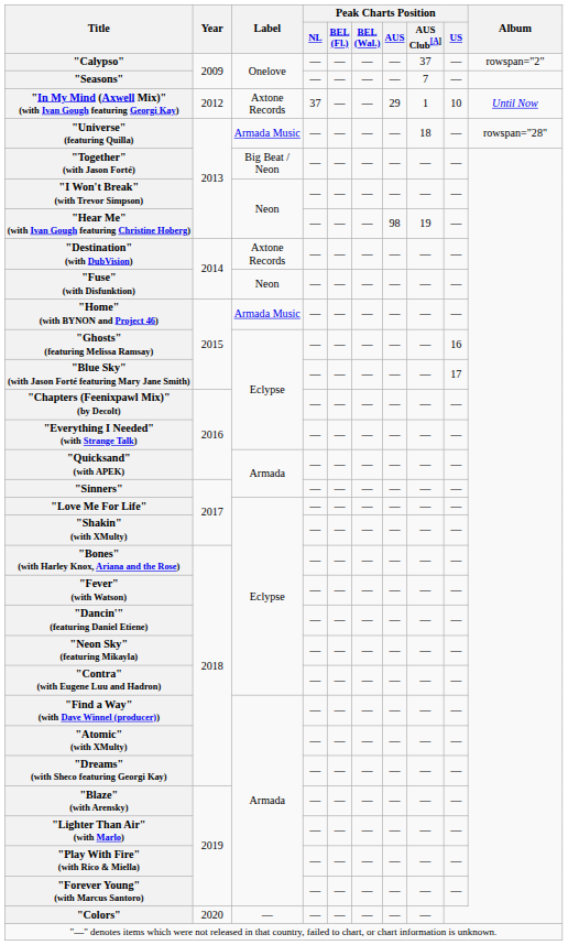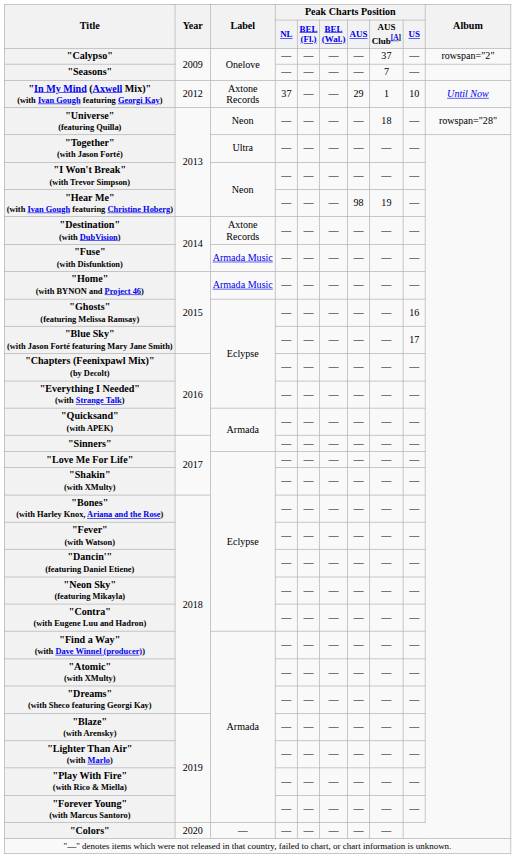 <table class="wikitable plainrowheaders" style="text-align:center;">
 <tr>
 <th scope="col" rowspan="2">Title</th>
 <th scope="col" rowspan="2" style="width:3em;">Year</th>
 <th scope="col" rowspan="2" style="width:6em;">Label</th>
 <th scope="col" colspan="6">Peak Charts Position</th>
 <th scope="col" rowspan="2" style="width:8em;">Album</th>
 </tr>
 <tr>
 <th scope="col" style="width:2em;font-size:89%;"><a href='#'>NL</a></th>
 <th scope="col" style="width:2em;font-size:89%;"><a href='#'>BEL (Fl.)</a></th>
 <th scope="col" style="width:2em;font-size:89%;"><a href='#'>BEL (Wal.)</a></th>
 <th scope="col" style="width:2em;font-size:89%;"><a href='#'>AUS</a></th>
 <th scope="col" style="width:2em;font-size:89%;">AUS<br>Club<sup><a href='#'>[A</a>]</sup></th>
 <th scope="col" style="width:2em;font-size:89%;"><a href='#'>US</a></th>
 </tr>
 <tr>
 <th scope="row">"Calypso"</th>
 <td rowspan="2">2009</td>
 <td rowspan="2">Onelove</td>
 <td>—</td>
 <td>—</td>
 <td>—</td>
 <td>—</td>
 <td>37</td>
 <td>—</td>
 <td>rowspan="2" </td>
 </tr>
 <tr>
 <th scope="row">"Seasons"</th>
 <td>—</td>
 <td>—</td>
 <td>—</td>
 <td>—</td>
 <td>7</td>
 <td>—</td>
 </tr>
 <tr>
 <th scope="row">"<a href='#'>In My Mind</a> (<a href='#'>Axwell</a> Mix)"<br><small>(with <a href='#'>Ivan Gough</a> featuring <a href='#'>Georgi Kay</a>)</small></th>
 <td>2012</td>
 <td>Axtone Records</td>
 <td>37</td>
 <td>—</td>
 <td>—</td>
 <td>29</td>
 <td>1</td>
 <td>10</td>
 <td><em><a href='#'>Until Now</a></em></td>
 </tr>
 <tr>
 <th scope="row">"Universe"<br><small>(featuring Quilla)</small></th>
 <td rowspan="4">2013</td>
-<td><a href='#'>Armada Music</a></td>
+<td>Neon</td>
 <td>—</td>
 <td>—</td>
 <td>—</td>
 <td>—</td>
 <td>18</td>
 <td>—</td>
 <td>rowspan="28" </td>
 </tr>
 <tr>
 <th scope="row">"Together"<br><small>(with Jason Forté)</small></th>
-<td>Big Beat / Neon</td>
+<td>Ultra</td>
 <td>—</td>
 <td>—</td>
 <td>—</td>
 <td>—</td>
 <td>—</td>
 <td>—</td>
 </tr>
 <tr>
 <th scope="row">"I Won't Break"<br><small>(with Trevor Simpson)</small></th>
 <td rowspan="2">Neon</td>
 <td>—</td>
 <td>—</td>
 <td>—</td>
 <td>—</td>
 <td>—</td>
 <td>—</td>
 </tr>
 <tr>
 <th scope="row">"Hear Me"<br><small>(with <a href='#'>Ivan Gough</a> featuring <a href='#'>Christine Hoberg</a>)</small></th>
 <td>—</td>
 <td>—</td>
 <td>—</td>
 <td>98</td>
 <td>19</td>
 <td>—</td>
 </tr>
 <tr>
 <th scope="row">"Destination"<br><small>(with <a href='#'>DubVision</a>)</small></th>
 <td rowspan="2">2014</td>
 <td>Axtone Records</td>
 <td>—</td>
 <td>—</td>
 <td>—</td>
 <td>—</td>
 <td>—</td>
 <td>—</td>
 </tr>
 <tr>
 <th scope="row">"Fuse"<br><small>(with Disfunktion)</small></th>
-<td>Neon</td>
+<td><a href='#'>Armada Music</a></td>
 <td>—</td>
 <td>—</td>
 <td>—</td>
 <td>—</td>
 <td>—</td>
 <td>—</td>
 </tr>
 <tr>
 <th scope="row">"Home"<br><small>(with BYNON and <a href='#'>Project 46</a>)</small></th>
 <td rowspan="3">2015</td>
 <td><a href='#'>Armada Music</a></td>
 <td>—</td>
 <td>—</td>
 <td>—</td>
 <td>—</td>
 <td>—</td>
 <td>—</td>
 </tr>
 <tr>
 <th scope="row">"Ghosts"<br><small>(featuring Melissa Ramsay)</small></th>
 <td rowspan="4">Eclypse</td>
 <td>—</td>
 <td>—</td>
 <td>—</td>
 <td>—</td>
 <td>—</td>
 <td>16</td>
 </tr>
 <tr>
 <th scope="row">"Blue Sky"<br><small>(with Jason Forté featuring Mary Jane Smith)</small></th>
 <td>—</td>
 <td>—</td>
 <td>—</td>
 <td>—</td>
 <td>—</td>
 <td>17</td>
 </tr>
 <tr>
 <th scope="row">"Chapters (Feenixpawl Mix)"<br><small>(by Decolt)</small></th>
 <td rowspan="3">2016</td>
 <td>—</td>
 <td>—</td>
 <td>—</td>
 <td>—</td>
 <td>—</td>
 <td>—</td>
 </tr>
 <tr>
 <th scope="row">"Everything I Needed"<br><small>(with <a href='#'>Strange Talk</a>)</small></th>
 <td>—</td>
 <td>—</td>
 <td>—</td>
 <td>—</td>
 <td>—</td>
 <td>—</td>
 </tr>
 <tr>
 <th scope="row">"Quicksand"<br><small>(with APEK)</small></th>
 <td rowspan="2">Armada</td>
 <td>—</td>
 <td>—</td>
 <td>—</td>
 <td>—</td>
 <td>—</td>
 <td>—</td>
 </tr>
 <tr>
 <th scope="row">"Sinners"</th>
 <td rowspan="3">2017</td>
 <td>—</td>
 <td>—</td>
 <td>—</td>
 <td>—</td>
 <td>—</td>
 <td>—</td>
 </tr>
 <tr>
 <th scope="row">"Love Me For Life"</th>
 <td rowspan="7">Eclypse</td>
 <td>—</td>
 <td>—</td>
 <td>—</td>
 <td>—</td>
 <td>—</td>
 <td>—</td>
 </tr>
 <tr>
 <th scope="row">"Shakin"<br><small>(with XMulty)</small></th>
 <td>—</td>
 <td>—</td>
 <td>—</td>
 <td>—</td>
 <td>—</td>
 <td>—</td>
 </tr>
 <tr>
 <th scope="row">"Bones"<br><small>(with Harley Knox, <a href='#'>Ariana and the Rose</a>)</small></th>
 <td rowspan="8">2018</td>
 <td>—</td>
 <td>—</td>
 <td>—</td>
 <td>—</td>
 <td>—</td>
 <td>—</td>
 </tr>
 <tr>
 <th scope="row">"Fever"<br><small>(with Watson)</small></th>
 <td>—</td>
 <td>—</td>
 <td>—</td>
 <td>—</td>
 <td>—</td>
 <td>—</td>
 </tr>
 <tr>
 <th scope="row">"Dancin'"<br><small>(featuring Daniel Etiene)</small></th>
 <td>—</td>
 <td>—</td>
 <td>—</td>
 <td>—</td>
 <td>—</td>
 <td>—</td>
 </tr>
 <tr>
 <th scope="row">"Neon Sky" <br><small>(featuring Mikayla)</small></th>
 <td>—</td>
 <td>—</td>
 <td>—</td>
 <td>—</td>
 <td>—</td>
 <td>—</td>
 </tr>
 <tr>
 <th scope="row">"Contra" <br><small>(with Eugene Luu and Hadron)</small></th>
 <td>—</td>
 <td>—</td>
 <td>—</td>
 <td>—</td>
 <td>—</td>
 <td>—</td>
 </tr>
 <tr>
 <th scope="row">"Find a Way" <br><small>(with <a href='#'>Dave Winnel (producer)</a>)</small></th>
 <td rowspan="7">Armada</td>
 <td>—</td>
 <td>—</td>
 <td>—</td>
 <td>—</td>
 <td>—</td>
 <td>—</td>
 </tr>
 <tr>
 <th scope="row">"Atomic" <br><small>(with XMulty)</small></th>
 <td>—</td>
 <td>—</td>
 <td>—</td>
 <td>—</td>
 <td>—</td>
 <td>—</td>
 </tr>
 <tr>
 <th scope="row">"Dreams" <br><small>(with Sheco featuring Georgi Kay)</small></th>
 <td>—</td>
 <td>—</td>
 <td>—</td>
 <td>—</td>
 <td>—</td>
 <td>—</td>
 </tr>
 <tr>
 <th scope="row">"Blaze" <br><small>(with Arensky)</small></th>
 <td rowspan="4">2019</td>
 <td>—</td>
 <td>—</td>
 <td>—</td>
 <td>—</td>
 <td>—</td>
 <td>—</td>
 </tr>
 <tr>
 <th scope="row">"Lighter Than Air" <br><small>(with <a href='#'>Marlo</a>)</small></th>
 <td>—</td>
 <td>—</td>
 <td>—</td>
 <td>—</td>
 <td>—</td>
 <td>—</td>
 </tr>
 <tr>
 <th scope="row">"Play With Fire" <br><small>(with Rico & Miella)</small></th>
 <td>—</td>
 <td>—</td>
 <td>—</td>
 <td>—</td>
 <td>—</td>
 <td>—</td>
 </tr>
 <tr>
 <th scope="row">"Forever Young" <br><small>(with Marcus Santoro)</small></th>
 <td>—</td>
 <td>—</td>
 <td>—</td>
 <td>—</td>
 <td>—</td>
 <td>—</td>
 </tr>
 <tr>
 <th scope="row">"Colors"</th>
 <td>2020</td>
 <td>—</td>
 <td>—</td>
 <td>—</td>
 <td>—</td>
 <td>—</td>
 <td>—</td>
 </tr>
 <tr>
 <td colspan="10" style="font-size:89%">"—" denotes items which were not released in that country, failed to chart, or chart information is unknown.</td>
 </tr>
 </table>
